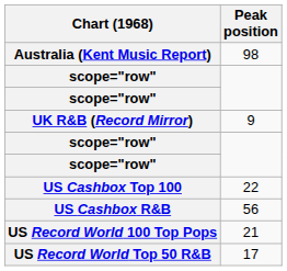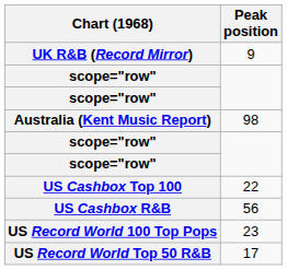 <table class="wikitable sortable plainrowheaders">
 <tr>
 <th scope="col">Chart (1968)</th>
 <th scope="col">Peak<br>position</th>
 </tr>
 <tr>
-<th scope="row">Australia (<a href='#'>Kent Music Report</a>)</th>
-<td align="center">98</td>
+<th scope="row"><a href='#'>UK R&B</a> (<em><a href='#'>Record Mirror</a></em>)</th>
+<td align="center">9</td>
 </tr>
 <tr>
 <th>scope="row" </th>
 </tr>
 <tr>
 <th>scope="row" </th>
 </tr>
 <tr>
-<th scope="row"><a href='#'>UK R&B</a> (<em><a href='#'>Record Mirror</a></em>)</th>
-<td align="center">9</td>
+<th scope="row">Australia (<a href='#'>Kent Music Report</a>)</th>
+<td align="center">98</td>
 </tr>
 <tr>
 <th>scope="row" </th>
 </tr>
 <tr>
 <th>scope="row" </th>
 </tr>
 <tr>
 <th scope="row"><a href='#'>US <em>Cashbox</em> Top 100</a></th>
 <td style="text-align:center;">22</td>
 </tr>
 <tr>
 <th scope="row"><a href='#'>US <em>Cashbox</em> R&B</a></th>
 <td style="text-align:center;">56</td>
 </tr>
 <tr>
 <th scope="row">US <a href='#'><em>Record World</em> 100 Top Pops</a></th>
-<td style="text-align:center;">21</td>
+<td style="text-align:center;">23</td>
 </tr>
 <tr>
 <th scope="row">US <a href='#'><em>Record World</em> Top 50 R&B</a></th>
 <td style="text-align:center;">17</td>
 </tr>
 </table>
